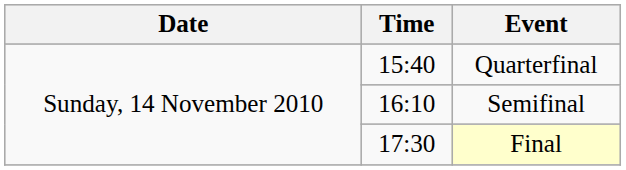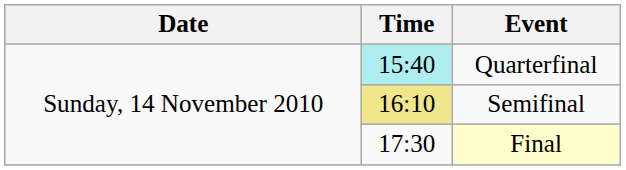 <table class = "wikitable" style="text-align:center;">
 <tr>
 <th width=220>Date</th>
 <th width=50>Time</th>
 <th width=100>Event</th>
 </tr>
 <tr>
 <td rowspan=3>Sunday, 14 November 2010</td>
-<td>15:40</td>
+<td style="background: paleturquoise;">15:40</td>
 <td>Quarterfinal</td>
 </tr>
 <tr>
-<td>16:10</td>
+<td style="background: khaki;">16:10</td>
 <td>Semifinal</td>
 </tr>
 <tr>
 <td>17:30</td>
 <td bgcolor=ffffcc>Final</td>
 </tr>
 </table>
